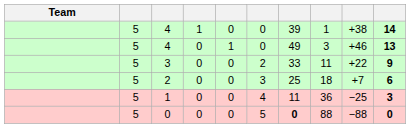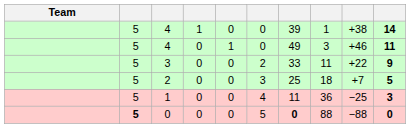 <table class="wikitable" style="text-align:center;">
 <tr>
 <th width=165>Team</th>
 <th width=40></th>
 <th width=40></th>
 <th width=40></th>
 <th width=40></th>
 <th width=40></th>
 <th width=40></th>
 <th width=40></th>
 <th width=40></th>
 <th width=40></th>
 </tr>
 <tr bgcolor=ccffcc style="background:">
 <td style="text-align:left;"></td>
 <td>5</td>
 <td>4</td>
 <td>1</td>
 <td>0</td>
 <td>0</td>
 <td>39</td>
 <td>1</td>
 <td>+38</td>
 <td><strong>14</strong></td>
 </tr>
 <tr bgcolor=ccffcc style="background:">
 <td style="text-align:left;"></td>
 <td>5</td>
 <td>4</td>
 <td>0</td>
 <td>1</td>
 <td>0</td>
 <td>49</td>
 <td>3</td>
 <td>+46</td>
-<td><strong>13</strong></td>
+<td><strong>11</strong></td>
 </tr>
 <tr bgcolor=ccffcc style="background:">
 <td style="text-align:left;"></td>
 <td>5</td>
 <td>3</td>
 <td>0</td>
 <td>0</td>
 <td>2</td>
 <td>33</td>
 <td>11</td>
 <td>+22</td>
 <td><strong>9</strong></td>
 </tr>
 <tr bgcolor=ccffcc style="background:">
 <td style="text-align:left;"></td>
 <td>5</td>
 <td>2</td>
 <td>0</td>
 <td>0</td>
 <td>3</td>
 <td>25</td>
 <td>18</td>
 <td>+7</td>
-<td><strong>6</strong></td>
+<td><strong>5</strong></td>
 </tr>
 <tr bgcolor=ffcccc style="background:">
 <td style="text-align:left;"></td>
 <td>5</td>
 <td>1</td>
 <td>0</td>
 <td>0</td>
 <td>4</td>
 <td>11</td>
 <td>36</td>
 <td>−25</td>
 <td><strong>3</strong></td>
 </tr>
 <tr bgcolor=ffcccc style="background:">
 <td style="text-align:left;"></td>
-<td>5</td>
+<td><strong>5</strong></td>
 <td>0</td>
 <td>0</td>
 <td>0</td>
 <td>5</td>
 <td><strong>0</strong></td>
 <td>88</td>
 <td>−88</td>
 <td><strong>0</strong></td>
 </tr>
 </table>
